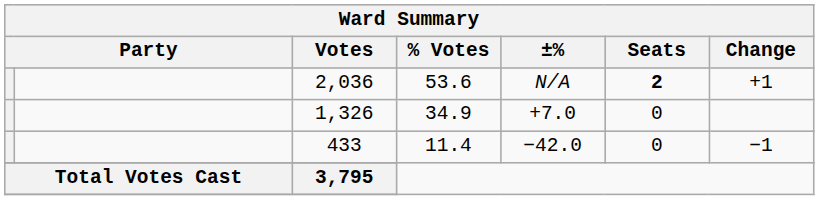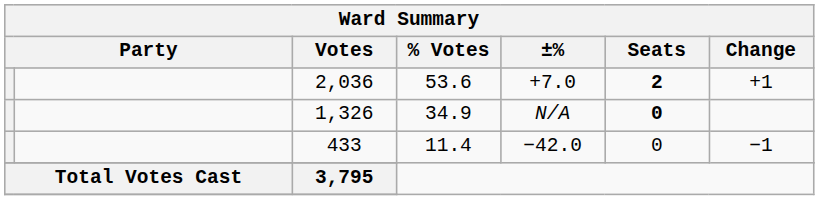 <table class="wikitable" style="font-size: 95%;">
 <tr style="background-color:#E9E9E9">
 <th colspan="7">Ward Summary</th>
 </tr>
 <tr style="background-color:#E9E9E9">
 <th colspan="2">Party</th>
 <th style="width: 60px">Votes</th>
 <th style="width: 60px">% Votes</th>
 <th style="width: 60px">±%</th>
 <th style="width: 60px">Seats</th>
 <th style="width: 60px">Change</th>
 </tr>
 <tr>
 <th style="background-color: "></th>
 <td style="width: 170px"><a href='#'></a></td>
 <td align="center">2,036</td>
 <td align="center">53.6</td>
-<td align="center"><em>N/A</em></td>
+<td align="center">+7.0</td>
 <td align="center"><strong>2</strong></td>
 <td align="center">+1</td>
 </tr>
 <tr>
 <th style="background-color: "></th>
 <td style="width: 170px"><a href='#'></a></td>
 <td align="center">1,326</td>
 <td align="center">34.9</td>
-<td align="center">+7.0</td>
-<td align="center">0</td>
+<td align="center"><em>N/A</em></td>
+<td align="center"><strong>0</strong></td>
 <td align="center"></td>
 </tr>
 <tr>
 <th style="background-color: "></th>
 <td style="width: 170px"><a href='#'></a></td>
 <td align="center">433</td>
 <td align="center">11.4</td>
 <td align="center">−42.0</td>
 <td align="center">0</td>
 <td align="center">−1</td>
 </tr>
 <tr>
 </tr>
 <tr style="background-color:#E9E9E9">
 <th colspan="2">Total Votes Cast</th>
 <th style="width: 60px">3,795</th>
 </tr>
 <tr style="background-color:#E9E9E9">
 </tr>
 </table>
